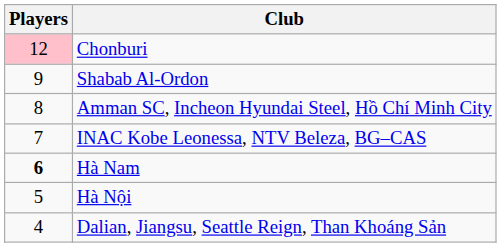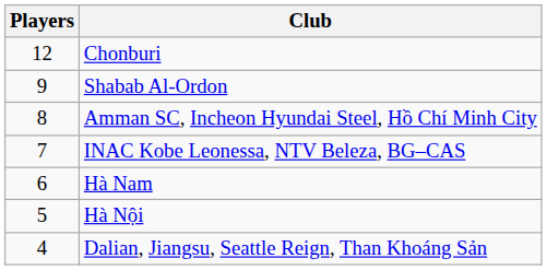 <table class="wikitable">
 <tr>
 <th>Players</th>
 <th>Club</th>
 </tr>
 <tr>
-<td align="center" style="background: pink;">12</td>
+<td align="center">12</td>
 <td> <a href='#'>Chonburi</a></td>
 </tr>
 <tr>
 <td align="center">9</td>
 <td> <a href='#'>Shabab Al-Ordon</a></td>
 </tr>
 <tr>
 <td align="center">8</td>
 <td> <a href='#'>Amman SC</a>,  <a href='#'>Incheon Hyundai Steel</a>,  <a href='#'>Hồ Chí Minh City</a></td>
 </tr>
 <tr>
 <td align="center">7</td>
 <td> <a href='#'>INAC Kobe Leonessa</a>,  <a href='#'>NTV Beleza</a>,  <a href='#'>BG–CAS</a></td>
 </tr>
 <tr>
-<td align="center"><strong>6</strong></td>
+<td align="center">6</td>
 <td> <a href='#'>Hà Nam</a></td>
 </tr>
 <tr>
 <td align="center">5</td>
 <td> <a href='#'>Hà Nội</a></td>
 </tr>
 <tr>
 <td align="center">4</td>
 <td> <a href='#'>Dalian</a>,  <a href='#'>Jiangsu</a>,  <a href='#'>Seattle Reign</a>,  <a href='#'>Than Khoáng Sản</a></td>
 </tr>
 </table>
